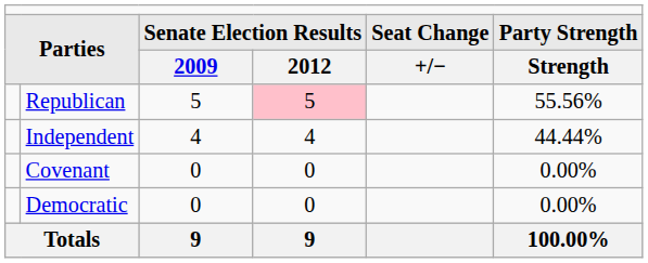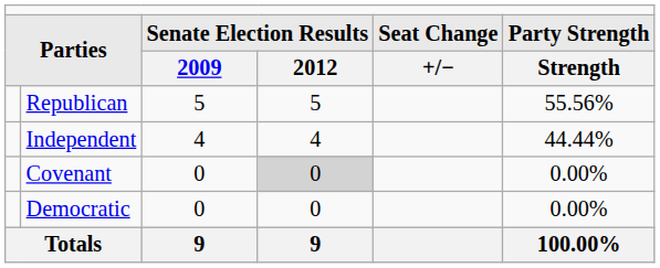 <table class   ="wikitable">
 <tr>
 <td colspan="6"></td>
 </tr>
 <tr>
 <th style   ="background:#e9e9e9; text-align:center" rowspan="2" colspan="2">Parties</th>
 <th style   ="background:#e9e9e9; text-align:center" colspan="2">Senate Election Results</th>
 <th style   ="background:#e9e9e9; text-align:center" colspan="1">Seat Change</th>
 <th style   ="background:#e9e9e9; text-align:center" colspan="1">Party Strength</th>
 </tr>
 <tr style ="background:#e9e9e9">
 <th><a href='#'>2009</a></th>
 <th>2012</th>
 <th>+/−</th>
 <th>Strength</th>
 </tr>
 <tr>
 <td style="background-color:"> </td>
 <td><a href='#'>Republican</a></td>
 <td align = center>5</td>
-<td align = center style="background: pink;">5</td>
+<td align = center>5</td>
 <td align = center></td>
 <td align = center>55.56%</td>
 </tr>
 <tr>
 <td style="background-color:"> </td>
 <td><a href='#'>Independent</a></td>
 <td align = center>4</td>
 <td align = center>4</td>
 <td align = center></td>
 <td align = center>44.44%</td>
 </tr>
 <tr>
 <td style="background-color:"> </td>
 <td><a href='#'>Covenant</a></td>
 <td align = center>0</td>
-<td align = center>0</td>
+<td align = center style="background: lightgrey;">0</td>
 <td align = center></td>
 <td align = center>0.00%</td>
 </tr>
 <tr>
 <td style="background-color:"> </td>
 <td><a href='#'>Democratic</a></td>
 <td align = center>0</td>
 <td align = center>0</td>
 <td align = center></td>
 <td align = center>0.00%</td>
 </tr>
 <tr style = "background:#ccc">
 <th colspan = "2">Totals</th>
 <th>9</th>
 <th>9</th>
 <th></th>
 <th>100.00%</th>
 </tr>
 </table>
